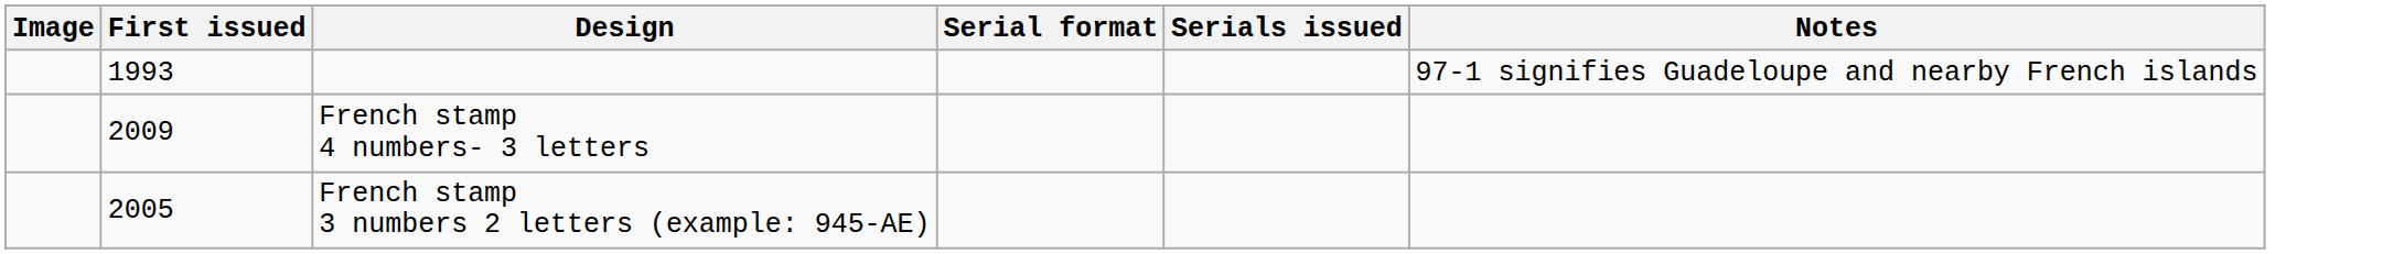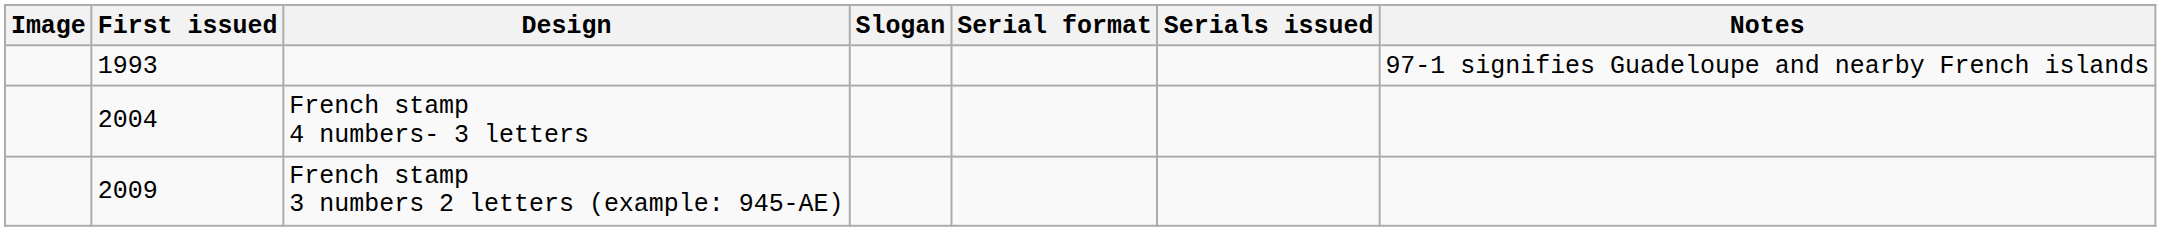 <table class="wikitable">
 <tr>
 <th>Image</th>
 <th>First issued</th>
 <th>Design</th>
+<th>Slogan</th>
 <th>Serial format</th>
 <th>Serials issued</th>
 <th>Notes</th>
 </tr>
 <tr>
 <td></td>
 <td>1993</td>
 <td></td>
 <td></td>
 <td></td>
+<td></td>
 <td>97-1 signifies Guadeloupe and nearby French islands</td>
 </tr>
 <tr>
 <td></td>
-<td>2009</td>
+<td>2004</td>
 <td>French stamp<br>4 numbers- 3 letters</td>
+<td></td>
 <td></td>
 <td></td>
 <td></td>
 </tr>
 <tr>
 <td></td>
-<td>2005</td>
+<td>2009</td>
 <td>French stamp<br>3 numbers 2 letters  (example: 945-AE)</td>
+<td></td>
 <td></td>
 <td></td>
 <td></td>
 </tr>
 </table>
